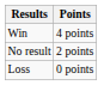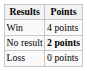 <table class="wikitable">
 <tr>
 <th>Results</th>
 <th>Points</th>
 </tr>
 <tr>
 <td>Win</td>
 <td>4 points</td>
 </tr>
 <tr>
 <td>No result</td>
-<td>2 points</td>
+<td><strong>2 points</strong></td>
 </tr>
 <tr>
 <td>Loss</td>
 <td>0 points</td>
 </tr>
 </table>
